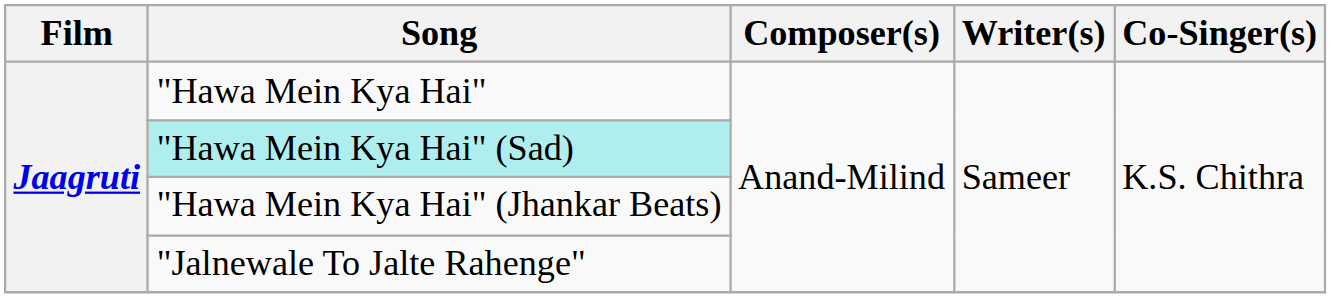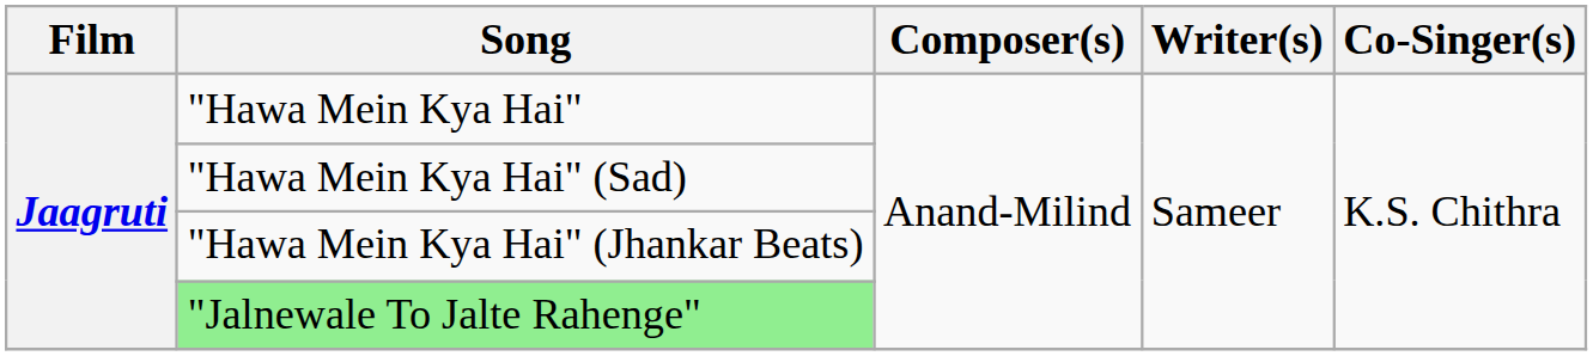 <table class="wikitable">
 <tr>
 <th>Film</th>
 <th>Song</th>
 <th>Composer(s)</th>
 <th>Writer(s)</th>
 <th>Co-Singer(s)</th>
 </tr>
 <tr>
 <th rowspan="4"><em><a href='#'>Jaagruti</a></em></th>
 <td>"Hawa Mein Kya Hai"</td>
 <td rowspan="4">Anand-Milind</td>
 <td rowspan="4">Sameer</td>
 <td rowspan="4">K.S. Chithra</td>
 </tr>
 <tr>
-<td style="background: paleturquoise;">"Hawa Mein Kya Hai" (Sad)</td>
+<td>"Hawa Mein Kya Hai" (Sad)</td>
 </tr>
 <tr>
 <td>"Hawa Mein Kya Hai" (Jhankar Beats)</td>
 </tr>
 <tr>
-<td>"Jalnewale To Jalte Rahenge"</td>
+<td style="background: lightgreen;">"Jalnewale To Jalte Rahenge"</td>
 </tr>
 <tr>
 </tr>
 </table>
